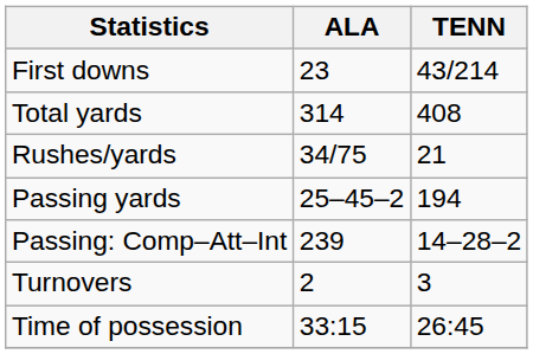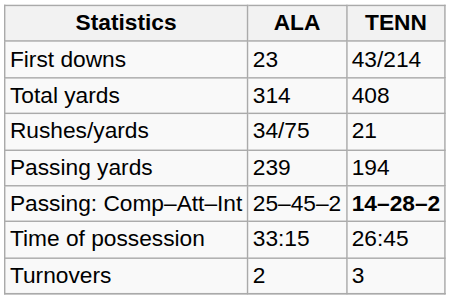 <table class="wikitable" style="float: left;">
 <tr>
 <th>Statistics</th>
 <th>ALA</th>
 <th>TENN</th>
 </tr>
 <tr>
 <td>First downs</td>
 <td>23</td>
 <td>43/214</td>
 </tr>
 <tr>
 <td>Total yards</td>
 <td>314</td>
 <td>408</td>
 </tr>
 <tr>
 <td>Rushes/yards</td>
 <td>34/75</td>
 <td>21</td>
 </tr>
 <tr>
 <td>Passing yards</td>
-<td>25–45–2</td>
+<td>239</td>
 <td>194</td>
 </tr>
 <tr>
 <td>Passing: Comp–Att–Int</td>
-<td>239</td>
-<td>14–28–2</td>
+<td>25–45–2</td>
+<td><strong>14–28–2</strong></td>
+</tr>
+<tr>
+<td>Time of possession</td>
+<td>33:15</td>
+<td>26:45</td>
 </tr>
 <tr>
 <td>Turnovers</td>
 <td>2</td>
 <td>3</td>
 </tr>
 <tr>
-<td>Time of possession</td>
-<td>33:15</td>
-<td>26:45</td>
-</tr>
-<tr>
 </tr>
 </table>
